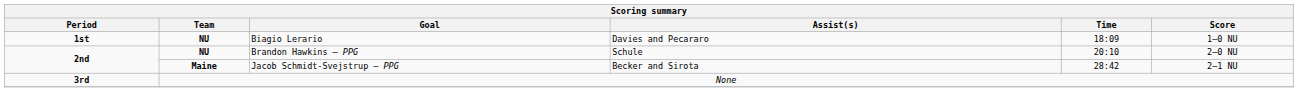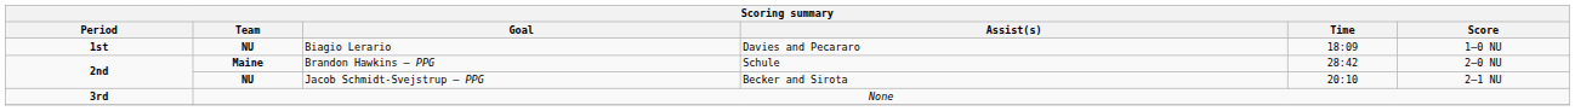 <table style="width:100%;" class="wikitable">
 <tr>
 <th colspan=6>Scoring summary</th>
 </tr>
 <tr>
 <th style="width:12%;">Period</th>
 <th style="width:7%;">Team</th>
 <th style="width:28%;">Goal</th>
 <th style="width:35%;">Assist(s)</th>
 <th style="width:7%;">Time</th>
 <th style="width:11%;">Score</th>
 </tr>
 <tr>
 <td style="text-align:center;" rowspan="1"><strong>1st</strong></td>
 <td align=center><strong>NU</strong></td>
 <td>Biagio Lerario</td>
 <td>Davies and Pecararo</td>
 <td align=center>18:09</td>
 <td align=center>1–0 NU</td>
 </tr>
 <tr>
 <td style="text-align:center;" rowspan="2"><strong>2nd</strong></td>
-<td align=center><strong>NU</strong></td>
+<td align=center><strong>Maine</strong></td>
 <td>Brandon Hawkins – <em>PPG</em></td>
 <td>Schule</td>
-<td align=center>20:10</td>
+<td align=center>28:42</td>
 <td align=center>2–0 NU</td>
 </tr>
 <tr>
-<td align=center><strong>Maine</strong></td>
+<td align=center><strong>NU</strong></td>
 <td>Jacob Schmidt-Svejstrup – <em>PPG</em></td>
 <td>Becker and Sirota</td>
-<td align=center>28:42</td>
+<td align=center>20:10</td>
 <td align=center>2–1 NU</td>
 </tr>
 <tr>
 <td style="text-align:center;" rowspan="1"><strong>3rd</strong></td>
 <td style="text-align:center;" colspan="5"><em>None</em></td>
 </tr>
 <tr>
 </tr>
 </table>
